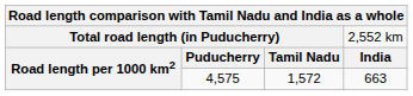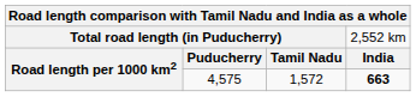 <table class="wikitable" style="text-align:center;">
 <tr>
 <th colspan="4">Road length comparison with Tamil Nadu and India as a whole</th>
 </tr>
 <tr>
 <th colspan="3">Total road length (in Puducherry)</th>
 <td>2,552 km</td>
 </tr>
 <tr>
 <th rowspan="2">Road length per 1000 km<sup>2</sup></th>
 <th>Puducherry</th>
 <th>Tamil Nadu</th>
 <th>India</th>
 </tr>
 <tr>
 <td>4,575</td>
 <td>1,572</td>
-<td>663</td>
+<td><strong>663</strong></td>
 </tr>
 </table>
